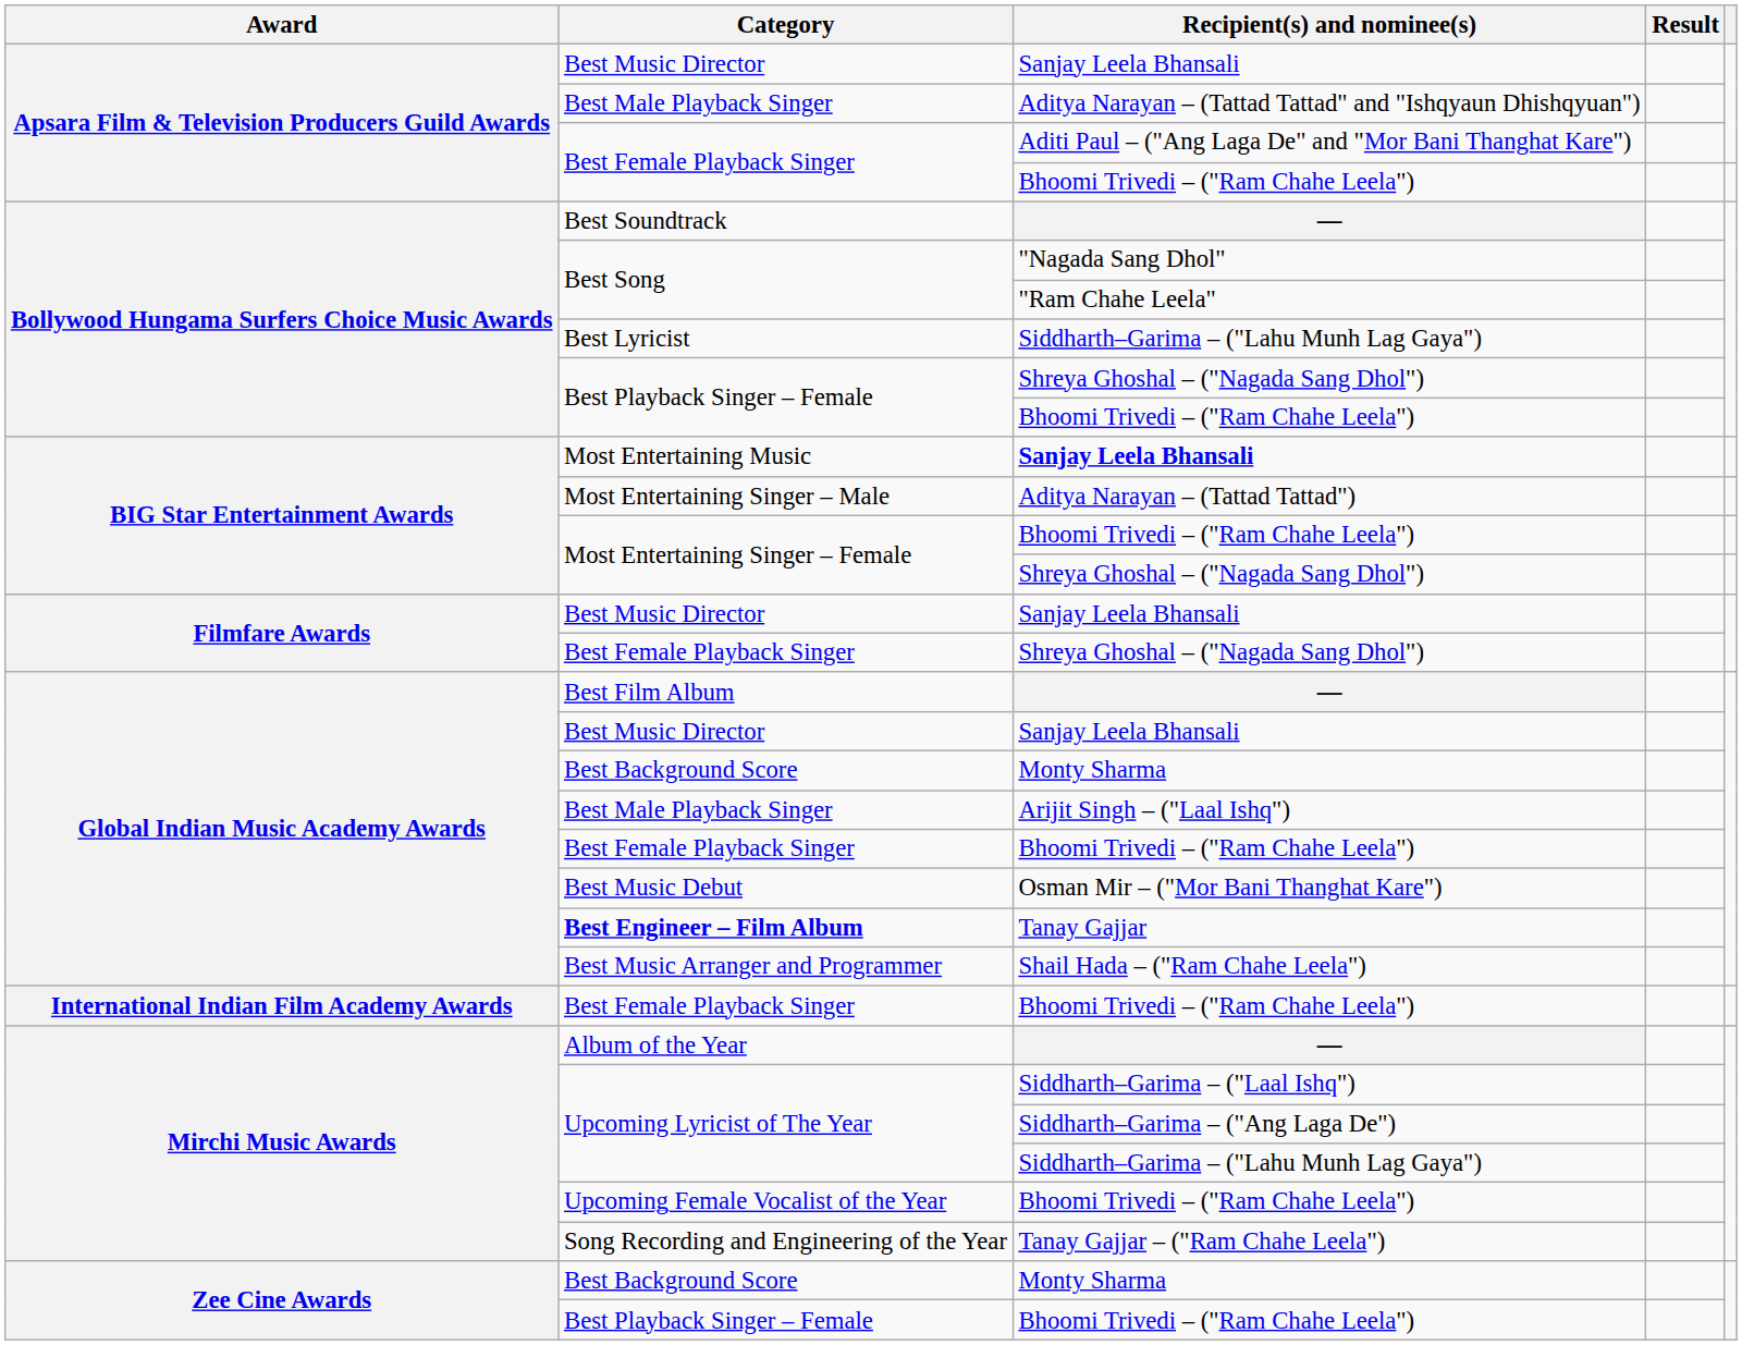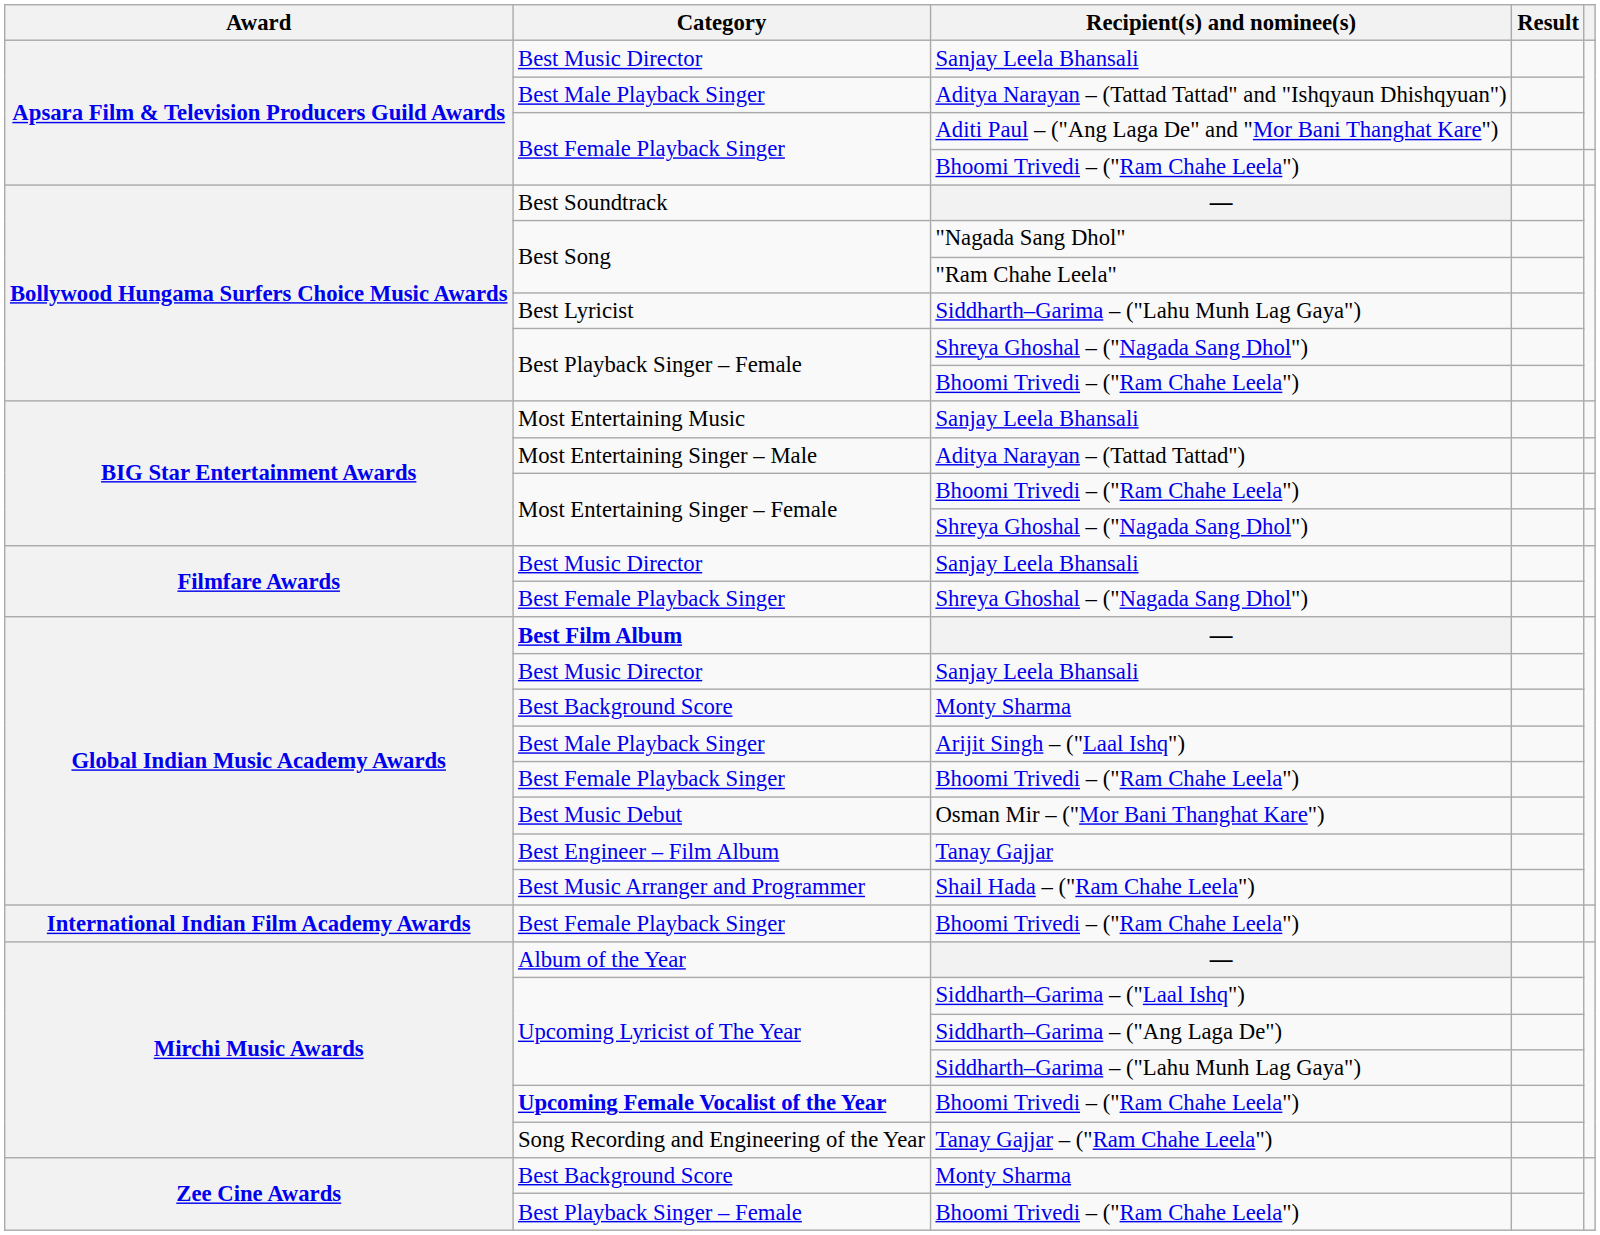 <table class="wikitable plainrowheaders sortable">
 <tr>
 <th scope="col">Award</th>
 <th scope="col">Category</th>
 <th scope="col">Recipient(s) and nominee(s)</th>
 <th scope="col">Result</th>
 <th scope="col" class="unsortable"></th>
 </tr>
 <tr>
 <th scope="row" rowspan="4"><a href='#'>Apsara Film & Television Producers Guild Awards</a></th>
 <td><a href='#'>Best Music Director</a></td>
 <td><a href='#'>Sanjay Leela Bhansali</a></td>
 <td></td>
 <td align="center" rowspan="3"><br></td>
 </tr>
 <tr>
 <td><a href='#'>Best Male Playback Singer</a></td>
 <td><a href='#'>Aditya Narayan</a> – (Tattad Tattad" and "Ishqyaun Dhishqyuan")</td>
 <td></td>
 </tr>
 <tr>
 <td rowspan="2"><a href='#'>Best Female Playback Singer</a></td>
 <td><a href='#'>Aditi Paul</a> – ("Ang Laga De" and "<a href='#'>Mor Bani Thanghat Kare</a>")</td>
 <td></td>
 </tr>
 <tr>
 <td><a href='#'>Bhoomi Trivedi</a> – ("<a href='#'>Ram Chahe Leela</a>")</td>
 <td></td>
 <td align="center"></td>
 </tr>
 <tr>
 <th scope="row" rowspan="6"><a href='#'>Bollywood Hungama Surfers Choice Music Awards</a></th>
 <td>Best Soundtrack</td>
 <th scope="row">—</th>
 <td></td>
 <td align="center" rowspan="6"></td>
 </tr>
 <tr>
 <td rowspan="2">Best Song</td>
 <td>"Nagada Sang Dhol"</td>
 <td></td>
 </tr>
 <tr>
 <td>"Ram Chahe Leela"</td>
 <td></td>
 </tr>
 <tr>
 <td>Best Lyricist</td>
 <td><a href='#'>Siddharth–Garima</a> – ("Lahu Munh Lag Gaya")</td>
 <td></td>
 </tr>
 <tr>
 <td rowspan="2">Best Playback Singer – Female</td>
 <td><a href='#'>Shreya Ghoshal</a> – ("<a href='#'>Nagada Sang Dhol</a>")</td>
 <td></td>
 </tr>
 <tr>
 <td><a href='#'>Bhoomi Trivedi</a> – ("<a href='#'>Ram Chahe Leela</a>")</td>
 <td></td>
 </tr>
 <tr>
 <th scope="row" rowspan="4"><a href='#'>BIG Star Entertainment Awards</a></th>
 <td>Most Entertaining Music</td>
-<td><strong><a href='#'>Sanjay Leela Bhansali</a></strong></td>
+<td><a href='#'>Sanjay Leela Bhansali</a></td>
 <td></td>
 <td align="center"></td>
 </tr>
 <tr>
 <td>Most Entertaining Singer – Male</td>
 <td><a href='#'>Aditya Narayan</a> – (Tattad Tattad")</td>
 <td></td>
 <td align="center"></td>
 </tr>
 <tr>
 <td rowspan="2">Most Entertaining Singer – Female</td>
 <td><a href='#'>Bhoomi Trivedi</a> – ("<a href='#'>Ram Chahe Leela</a>")</td>
 <td></td>
 <td align="center"></td>
 </tr>
 <tr>
 <td><a href='#'>Shreya Ghoshal</a> – ("<a href='#'>Nagada Sang Dhol</a>")</td>
 <td></td>
 <td align="center"></td>
 </tr>
 <tr>
 <th scope="row" rowspan="2"><a href='#'>Filmfare Awards</a></th>
 <td><a href='#'>Best Music Director</a></td>
 <td><a href='#'>Sanjay Leela Bhansali</a></td>
 <td></td>
 <td align="center" rowspan="2"></td>
 </tr>
 <tr>
 <td><a href='#'>Best Female Playback Singer</a></td>
 <td><a href='#'>Shreya Ghoshal</a> – ("<a href='#'>Nagada Sang Dhol</a>")</td>
 <td></td>
 </tr>
 <tr>
 <th scope="row" rowspan="8"><a href='#'>Global Indian Music Academy Awards</a></th>
-<td><a href='#'>Best Film Album</a></td>
+<td><strong><a href='#'>Best Film Album</a></strong></td>
 <th scope="row">—</th>
 <td></td>
 <td align="center" rowspan="8"></td>
 </tr>
 <tr>
 <td><a href='#'>Best Music Director</a></td>
 <td><a href='#'>Sanjay Leela Bhansali</a></td>
 <td></td>
 </tr>
 <tr>
 <td><a href='#'>Best Background Score</a></td>
 <td><a href='#'>Monty Sharma</a></td>
 <td></td>
 </tr>
 <tr>
 <td><a href='#'>Best Male Playback Singer</a></td>
 <td><a href='#'>Arijit Singh</a> – ("<a href='#'>Laal Ishq</a>")</td>
 <td></td>
 </tr>
 <tr>
 <td><a href='#'>Best Female Playback Singer</a></td>
 <td><a href='#'>Bhoomi Trivedi</a> – ("<a href='#'>Ram Chahe Leela</a>")</td>
 <td></td>
 </tr>
 <tr>
 <td><a href='#'>Best Music Debut</a></td>
 <td>Osman Mir – ("<a href='#'>Mor Bani Thanghat Kare</a>")</td>
 <td></td>
 </tr>
 <tr>
-<td><strong><a href='#'>Best Engineer – Film Album</a></strong></td>
+<td><a href='#'>Best Engineer – Film Album</a></td>
 <td><a href='#'>Tanay Gajjar</a></td>
 <td></td>
 </tr>
 <tr>
 <td><a href='#'>Best Music Arranger and Programmer</a></td>
 <td><a href='#'>Shail Hada</a> – ("<a href='#'>Ram Chahe Leela</a>")</td>
 <td></td>
 </tr>
 <tr>
 <th scope="row"><a href='#'>International Indian Film Academy Awards</a></th>
 <td><a href='#'>Best Female Playback Singer</a></td>
 <td><a href='#'>Bhoomi Trivedi</a> – ("<a href='#'>Ram Chahe Leela</a>")</td>
 <td></td>
 <td align="center"></td>
 </tr>
 <tr>
 <th scope="row" rowspan="6"><a href='#'>Mirchi Music Awards</a></th>
 <td><a href='#'>Album of the Year</a></td>
 <th scope="row">—</th>
 <td></td>
 <td align="center" rowspan="6"></td>
 </tr>
 <tr>
 <td rowspan="3"><a href='#'>Upcoming Lyricist of The Year</a></td>
 <td><a href='#'>Siddharth–Garima</a> – ("<a href='#'>Laal Ishq</a>")</td>
 <td></td>
 </tr>
 <tr>
 <td><a href='#'>Siddharth–Garima</a> – ("Ang Laga De")</td>
 <td></td>
 </tr>
 <tr>
 <td><a href='#'>Siddharth–Garima</a> – ("Lahu Munh Lag Gaya")</td>
 <td></td>
 </tr>
 <tr>
-<td><a href='#'>Upcoming Female Vocalist of the Year</a></td>
+<td><strong><a href='#'>Upcoming Female Vocalist of the Year</a></strong></td>
 <td><a href='#'>Bhoomi Trivedi</a> – ("<a href='#'>Ram Chahe Leela</a>")</td>
 <td></td>
 </tr>
 <tr>
 <td>Song Recording and Engineering of the Year</td>
 <td><a href='#'>Tanay Gajjar</a> – ("<a href='#'>Ram Chahe Leela</a>")</td>
 <td></td>
 </tr>
 <tr>
 <th scope="row" rowspan="2"><a href='#'>Zee Cine Awards</a></th>
 <td><a href='#'>Best Background Score</a></td>
 <td><a href='#'>Monty Sharma</a></td>
 <td></td>
 <td align="center" rowspan="2"></td>
 </tr>
 <tr>
 <td><a href='#'>Best Playback Singer – Female</a></td>
 <td><a href='#'>Bhoomi Trivedi</a> – ("<a href='#'>Ram Chahe Leela</a>")</td>
 <td></td>
 </tr>
 </table>
